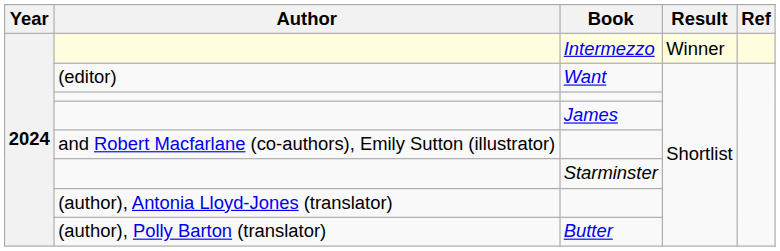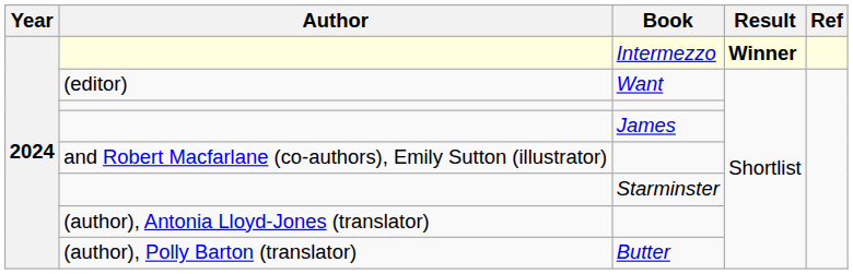 <table class="wikitable sortable">
 <tr>
 <th>Year</th>
 <th>Author</th>
 <th>Book</th>
 <th>Result</th>
 <th>Ref</th>
 </tr>
 <tr style="background-color:lightyellow;">
 <th rowspan="8">2024</th>
 <td></td>
 <td><a href='#'><em>Intermezzo</em></a></td>
-<td>Winner</td>
+<td><strong>Winner</strong></td>
 <td></td>
 </tr>
 <tr>
 <td> (editor)</td>
 <td><a href='#'><em>Want</em></a></td>
 <td rowspan="7">Shortlist</td>
 <td rowspan="7"></td>
 </tr>
 <tr>
 <td></td>
 <td><em></em></td>
 </tr>
 <tr>
 <td></td>
 <td><a href='#'><em>James</em></a></td>
 </tr>
 <tr>
 <td> and <a href='#'>Robert Macfarlane</a> (co-authors), Emily Sutton (illustrator)</td>
 <td></td>
 </tr>
 <tr>
 <td></td>
 <td><em>Starminster</em></td>
 </tr>
 <tr>
 <td> (author), <a href='#'>Antonia Lloyd-Jones</a> (translator)</td>
 <td><em></em></td>
 </tr>
 <tr>
 <td> (author), <a href='#'>Polly Barton</a> (translator)</td>
 <td><a href='#'><em>Butter</em></a></td>
 </tr>
 </table>
